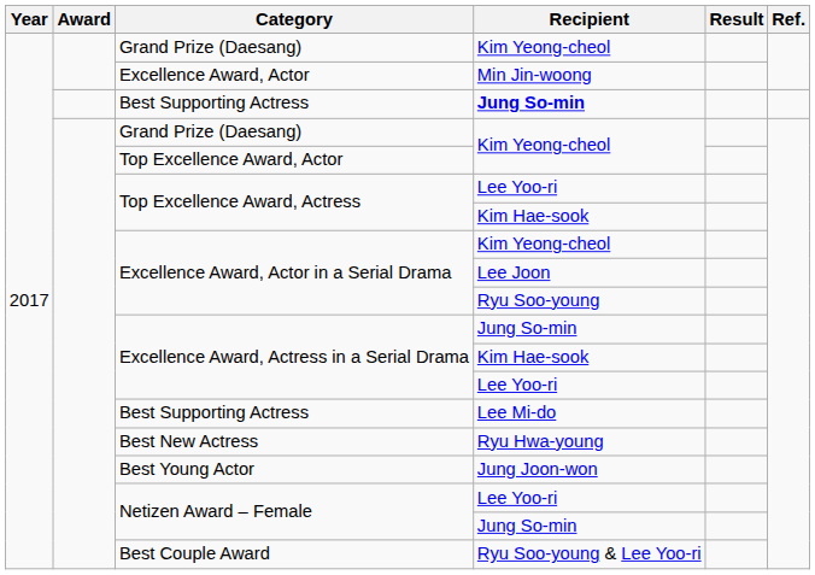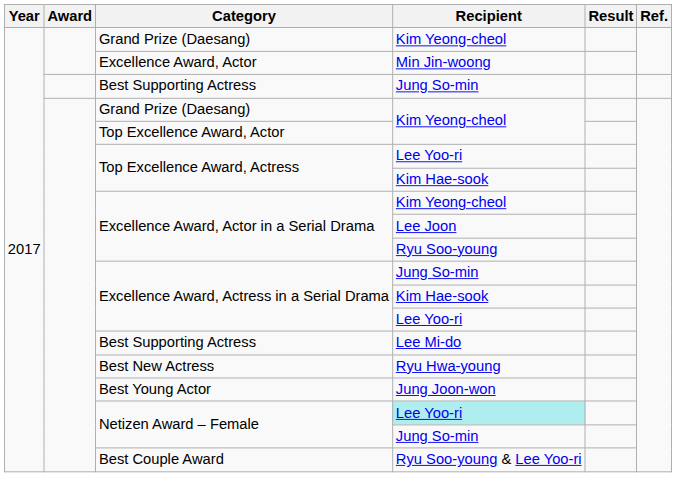 <table class="wikitable">
 <tr>
 <th>Year</th>
 <th>Award</th>
 <th>Category</th>
 <th>Recipient</th>
 <th>Result</th>
 <th>Ref.</th>
 </tr>
 <tr>
 <td rowspan="19">2017</td>
 <td rowspan="2"></td>
 <td>Grand Prize (Daesang)</td>
 <td><a href='#'>Kim Yeong-cheol</a></td>
 <td></td>
 <td rowspan="2"></td>
 </tr>
 <tr>
 <td>Excellence Award, Actor</td>
 <td><a href='#'>Min Jin-woong</a></td>
 <td></td>
 </tr>
 <tr>
 <td></td>
 <td>Best Supporting Actress</td>
-<td><strong><a href='#'>Jung So-min</a></strong></td>
+<td><a href='#'>Jung So-min</a></td>
 <td></td>
 <td rowspan="1"></td>
 </tr>
 <tr>
 <td rowspan="17"></td>
 <td>Grand Prize (Daesang)</td>
 <td rowspan="2"><a href='#'>Kim Yeong-cheol</a></td>
 <td></td>
 <td rowspan="17"></td>
 </tr>
 <tr>
 <td>Top Excellence Award, Actor</td>
 <td></td>
 </tr>
 <tr>
 <td rowspan="2">Top Excellence Award, Actress</td>
 <td><a href='#'>Lee Yoo-ri</a></td>
 <td></td>
 </tr>
 <tr>
 <td><a href='#'>Kim Hae-sook</a></td>
 <td></td>
 </tr>
 <tr>
 <td rowspan="3">Excellence Award, Actor in a Serial Drama</td>
 <td><a href='#'>Kim Yeong-cheol</a></td>
 <td></td>
 </tr>
 <tr>
 <td><a href='#'>Lee Joon</a></td>
 <td></td>
 </tr>
 <tr>
 <td><a href='#'>Ryu Soo-young</a></td>
 <td></td>
 </tr>
 <tr>
 <td rowspan="3">Excellence Award, Actress in a Serial Drama</td>
 <td><a href='#'>Jung So-min</a></td>
 <td></td>
 </tr>
 <tr>
 <td><a href='#'>Kim Hae-sook</a></td>
 <td></td>
 </tr>
 <tr>
 <td><a href='#'>Lee Yoo-ri</a></td>
 <td></td>
 </tr>
 <tr>
 <td>Best Supporting Actress</td>
 <td><a href='#'>Lee Mi-do</a></td>
 <td></td>
 </tr>
 <tr>
 <td>Best New Actress</td>
 <td><a href='#'>Ryu Hwa-young</a></td>
 <td></td>
 </tr>
 <tr>
 <td>Best Young Actor</td>
 <td><a href='#'>Jung Joon-won</a></td>
 <td></td>
 </tr>
 <tr>
 <td rowspan="2">Netizen Award – Female</td>
-<td><a href='#'>Lee Yoo-ri</a></td>
+<td style="background: paleturquoise;"><a href='#'>Lee Yoo-ri</a></td>
 <td></td>
 </tr>
 <tr>
 <td><a href='#'>Jung So-min</a></td>
 <td></td>
 </tr>
 <tr>
 <td>Best Couple Award</td>
 <td><a href='#'>Ryu Soo-young</a> & <a href='#'>Lee Yoo-ri</a></td>
 <td></td>
 </tr>
 </table>
